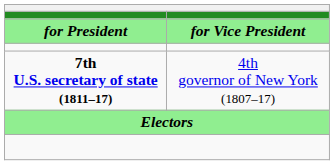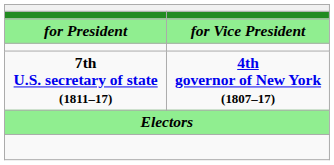 <table class="wikitable" style="text-align:center;">
 <tr>
 <th colspan=2 style="background:#f1f1f1;"></th>
 </tr>
 <tr>
 <th style="width:2em; background:#228B22; width:160px;"></th>
 <th style="width:2em; background:#228B22; width:160px;"></th>
 </tr>
 <tr>
 <td style="width:2em; color:#000; background:#90EE90; width:160px;"><strong><em>for President</em></strong></td>
 <td style="width:2em; color:#000; background:#90EE90; width:160px;"><strong><em>for Vice President</em></strong></td>
 </tr>
 <tr>
 <td></td>
 <td></td>
 </tr>
 <tr>
 <td><strong>7th<br><a href='#'>U.S. secretary of state</a><br><small>(1811–17)</small></strong></td>
-<td><a href='#'>4th</a><br><a href='#'>governor of New York</a><br><small>(1807–17)</small></td>
+<td><strong><a href='#'>4th</a><br><a href='#'>governor of New York</a><br><small>(1807–17)</small></strong></td>
 </tr>
 <tr>
 <td colspan=2 style="color:#000; background:#90EE90"><strong><em>Electors</em></strong></td>
 </tr>
 <tr>
 <td align=left colspan=2><br></td>
 </tr>
 </table>
